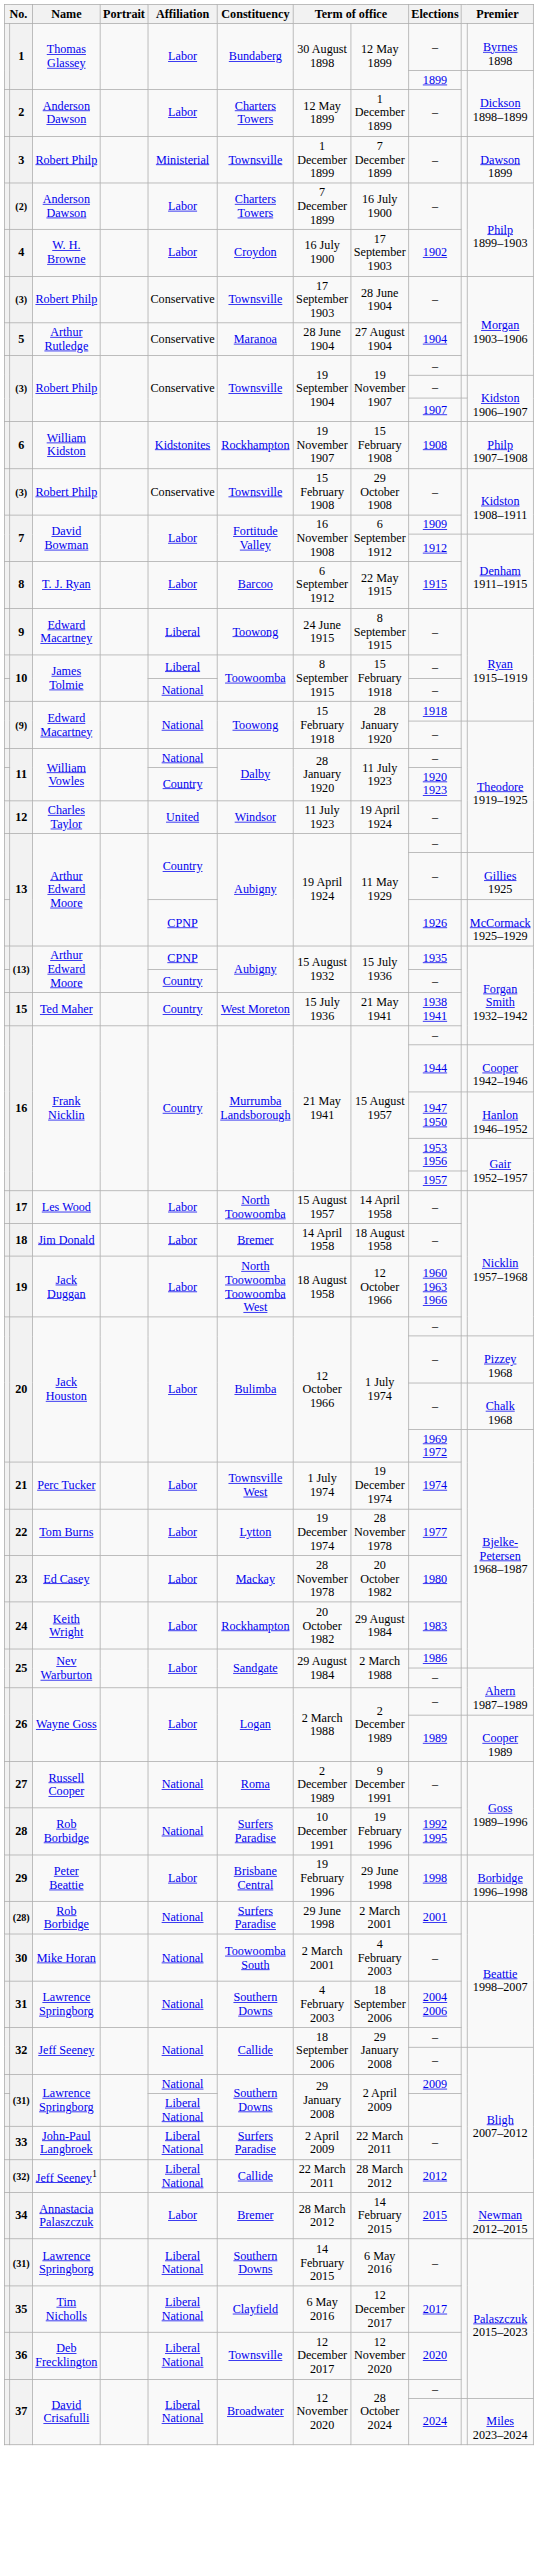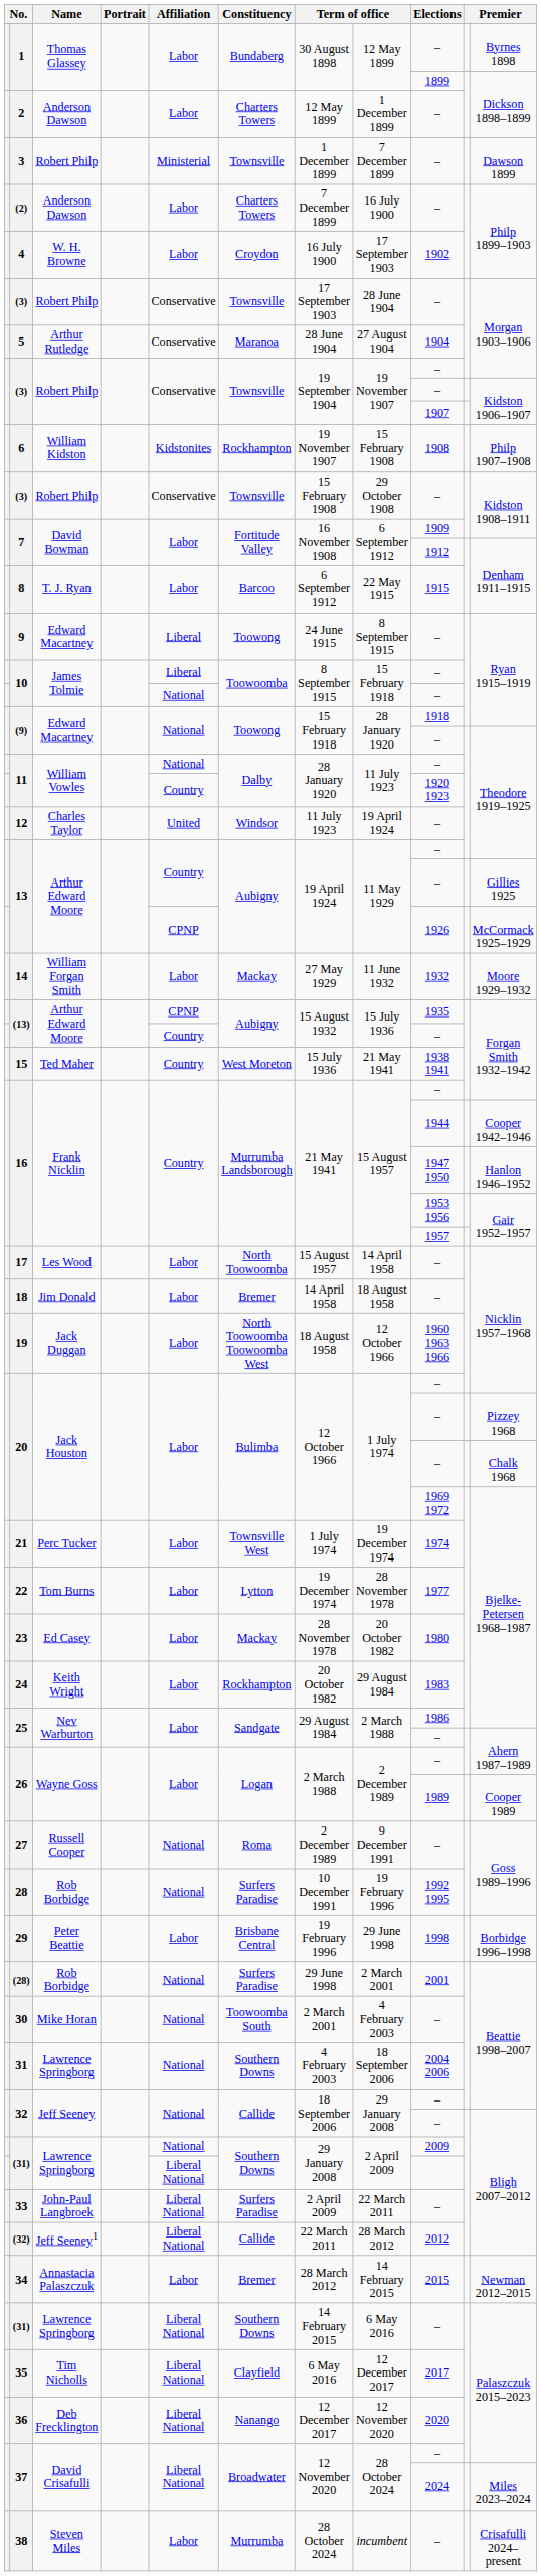 <table class="wikitable" style="text-align:center">
 <tr>
 <th colspan=2>No.</th>
 <th>Name</th>
 <th width=60>Portrait</th>
 <th>Affiliation</th>
 <th>Constituency</th>
 <th colspan=2>Term of office</th>
 <th>Elections</th>
 <th colspan=2>Premier</th>
 </tr>
 <tr>
 <th rowspan=2 ></th>
 <th rowspan=2>1</th>
 <td rowspan=2><a href='#'>Thomas Glassey</a></td>
 <td rowspan=2></td>
 <td rowspan=2><a href='#'>Labor</a></td>
 <td rowspan=2><a href='#'>Bundaberg</a></td>
 <td rowspan=2>30 August 1898</td>
 <td rowspan=2>12 May 1899</td>
 <td>–</td>
 <td></td>
 <td><br><a href='#'>Byrnes</a><br>1898</td>
 </tr>
 <tr>
 <td><a href='#'>1899</a></td>
 <td rowspan=2 ></td>
 <td rowspan=2><br><a href='#'>Dickson</a><br>1898–1899</td>
 </tr>
 <tr>
 <th></th>
 <th>2</th>
 <td><a href='#'>Anderson Dawson</a></td>
 <td></td>
 <td><a href='#'>Labor</a></td>
 <td><a href='#'>Charters Towers</a></td>
 <td>12 May 1899</td>
 <td>1 December 1899</td>
 <td>–</td>
 </tr>
 <tr>
 <th></th>
 <th>3</th>
 <td><a href='#'>Robert Philp</a></td>
 <td></td>
 <td><a href='#'>Ministerial</a></td>
 <td><a href='#'>Townsville</a></td>
 <td>1 December 1899</td>
 <td>7 December 1899</td>
 <td>–</td>
 <td></td>
 <td><br><a href='#'>Dawson</a><br>1899</td>
 </tr>
 <tr>
 <th></th>
 <th><small>(2)</small></th>
 <td><a href='#'>Anderson Dawson</a></td>
 <td></td>
 <td><a href='#'>Labor</a></td>
 <td><a href='#'>Charters Towers</a></td>
 <td>7 December 1899</td>
 <td>16 July 1900</td>
 <td>–</td>
 <td rowspan=2 ></td>
 <td rowspan=2><br><a href='#'>Philp</a><br>1899–1903</td>
 </tr>
 <tr>
 <th></th>
 <th>4</th>
 <td><a href='#'>W. H. Browne</a></td>
 <td></td>
 <td><a href='#'>Labor</a></td>
 <td><a href='#'>Croydon</a></td>
 <td>16 July 1900</td>
 <td>17 September 1903</td>
 <td><a href='#'>1902</a></td>
 </tr>
 <tr>
 <th style="background:"></th>
 <th><small>(3)</small></th>
 <td><a href='#'>Robert Philp</a></td>
 <td></td>
 <td>Conservative</td>
 <td><a href='#'>Townsville</a></td>
 <td>17 September 1903</td>
 <td>28 June 1904</td>
 <td>–</td>
 <td rowspan=3 ></td>
 <td rowspan=3><br><a href='#'>Morgan</a><br>1903–1906</td>
 </tr>
 <tr>
 <th style="background:"></th>
 <th>5</th>
 <td><a href='#'>Arthur Rutledge</a></td>
 <td></td>
 <td>Conservative</td>
 <td><a href='#'>Maranoa</a></td>
 <td>28 June 1904</td>
 <td>27 August 1904</td>
 <td><a href='#'>1904</a></td>
 </tr>
 <tr>
 <th rowspan=3 style="background:"></th>
 <th rowspan=3><small>(3)</small></th>
 <td rowspan=3><a href='#'>Robert Philp</a></td>
 <td rowspan=3></td>
 <td rowspan=3>Conservative</td>
 <td rowspan=3><a href='#'>Townsville</a></td>
 <td rowspan=3>19 September 1904</td>
 <td rowspan=3>19 November 1907</td>
 <td>–</td>
 </tr>
 <tr>
 <td>–</td>
 <td></td>
 <td rowspan=2><br><a href='#'>Kidston</a><br>1906–1907</td>
 </tr>
 <tr>
 <td><a href='#'>1907</a></td>
 <td></td>
 </tr>
 <tr>
 <th></th>
 <th>6</th>
 <td><a href='#'>William Kidston</a></td>
 <td></td>
 <td><a href='#'>Kidstonites</a></td>
 <td><a href='#'>Rockhampton</a></td>
 <td>19 November 1907</td>
 <td>15 February 1908</td>
 <td><a href='#'>1908</a></td>
 <td style="background:"></td>
 <td><br><a href='#'>Philp</a><br>1907–1908</td>
 </tr>
 <tr>
 <th style="background:"></th>
 <th><small>(3)</small></th>
 <td><a href='#'>Robert Philp</a></td>
 <td></td>
 <td>Conservative</td>
 <td><a href='#'>Townsville</a></td>
 <td>15 February 1908</td>
 <td>29 October 1908</td>
 <td>–</td>
 <td rowspan=2 ></td>
 <td rowspan=2><br><a href='#'>Kidston</a><br>1908–1911</td>
 </tr>
 <tr>
 <th rowspan=2 ></th>
 <th rowspan=2>7</th>
 <td rowspan=2><a href='#'>David Bowman</a></td>
 <td rowspan=2></td>
 <td rowspan=2><a href='#'>Labor</a></td>
 <td rowspan=2><a href='#'>Fortitude Valley</a></td>
 <td rowspan=2>16 November 1908</td>
 <td rowspan=2>6 September 1912</td>
 <td><a href='#'>1909</a></td>
 </tr>
 <tr>
 <td><a href='#'>1912</a></td>
 <td rowspan=2 ></td>
 <td rowspan=2><br><a href='#'>Denham</a><br>1911–1915</td>
 </tr>
 <tr>
 <th></th>
 <th>8</th>
 <td><a href='#'>T. J. Ryan</a></td>
 <td></td>
 <td><a href='#'>Labor</a></td>
 <td><a href='#'>Barcoo</a></td>
 <td>6 September 1912</td>
 <td>22 May 1915</td>
 <td><a href='#'>1915</a></td>
 </tr>
 <tr>
 <th></th>
 <th>9</th>
 <td><a href='#'>Edward Macartney</a></td>
 <td></td>
 <td><a href='#'>Liberal</a></td>
 <td><a href='#'>Toowong</a></td>
 <td>24 June 1915</td>
 <td>8 September 1915</td>
 <td>–</td>
 <td rowspan=4 ></td>
 <td rowspan=4><br><a href='#'>Ryan</a><br>1915–1919</td>
 </tr>
 <tr>
 <th></th>
 <th rowspan=2>10</th>
 <td rowspan=2><a href='#'>James Tolmie</a></td>
 <td rowspan=2></td>
 <td><a href='#'>Liberal</a></td>
 <td rowspan=2><a href='#'>Toowoomba</a></td>
 <td rowspan=2>8 September 1915</td>
 <td rowspan=2>15 February 1918</td>
 <td>–</td>
 </tr>
 <tr>
 <th></th>
 <td><a href='#'>National</a></td>
 <td>–</td>
 </tr>
 <tr>
 <th rowspan=2 ></th>
 <th rowspan=2><small>(9)</small></th>
 <td rowspan=2><a href='#'>Edward Macartney</a></td>
 <td rowspan=2></td>
 <td rowspan=2><a href='#'>National</a></td>
 <td rowspan=2><a href='#'>Toowong</a></td>
 <td rowspan=2>15 February 1918</td>
 <td rowspan=2>28 January 1920</td>
 <td><a href='#'>1918</a></td>
 </tr>
 <tr>
 <td>–</td>
 <td rowspan=5 ></td>
 <td rowspan=5><br><a href='#'>Theodore</a><br>1919–1925</td>
 </tr>
 <tr>
 <th></th>
 <th rowspan=2>11</th>
 <td rowspan=2><a href='#'>William Vowles</a></td>
 <td rowspan=2></td>
 <td><a href='#'>National</a></td>
 <td rowspan=2><a href='#'>Dalby</a></td>
 <td rowspan=2>28 January 1920</td>
 <td rowspan=2>11 July 1923</td>
 <td>–</td>
 </tr>
 <tr>
 <th></th>
 <td><a href='#'>Country</a></td>
 <td><a href='#'>1920</a><br><a href='#'>1923</a></td>
 </tr>
 <tr>
 <th></th>
 <th>12</th>
 <td><a href='#'>Charles Taylor</a></td>
 <td></td>
 <td><a href='#'>United</a></td>
 <td><a href='#'>Windsor</a></td>
 <td>11 July 1923</td>
 <td>19 April 1924</td>
 <td>–</td>
 </tr>
 <tr>
 <th rowspan=2 ></th>
 <th rowspan=3>13</th>
 <td rowspan=3><a href='#'>Arthur Edward Moore</a></td>
 <td rowspan=3></td>
 <td rowspan=2><a href='#'>Country</a></td>
 <td rowspan=3><a href='#'>Aubigny</a></td>
 <td rowspan=3>19 April 1924</td>
 <td rowspan=3>11 May 1929</td>
 <td>–</td>
 </tr>
 <tr>
 <td>–</td>
 <td></td>
 <td><br><a href='#'>Gillies</a><br>1925</td>
 </tr>
 <tr>
 <th></th>
 <td><a href='#'>CPNP</a></td>
 <td><a href='#'>1926</a></td>
 <td></td>
 <td><br><a href='#'>McCormack</a><br>1925–1929</td>
+</tr>
+<tr>
+<th></th>
+<th>14</th>
+<td><a href='#'>William Forgan Smith</a></td>
+<td></td>
+<td><a href='#'>Labor</a></td>
+<td><a href='#'>Mackay</a></td>
+<td>27 May 1929</td>
+<td>11 June 1932</td>
+<td><a href='#'>1932</a></td>
+<td></td>
+<td><br><a href='#'>Moore</a><br>1929–1932</td>
 </tr>
 <tr>
 <th></th>
 <th rowspan=2><small>(13)</small></th>
 <td rowspan=2><a href='#'>Arthur Edward Moore</a></td>
 <td rowspan=2></td>
 <td><a href='#'>CPNP</a></td>
 <td rowspan=2><a href='#'>Aubigny</a></td>
 <td rowspan=2>15 August 1932</td>
 <td rowspan=2>15 July 1936</td>
 <td><a href='#'>1935</a></td>
 <td rowspan=4 ></td>
 <td rowspan=4><br><a href='#'>Forgan Smith</a><br>1932–1942</td>
 </tr>
 <tr>
 <th></th>
 <td><a href='#'>Country</a></td>
 <td>–</td>
 </tr>
 <tr>
 <th></th>
 <th>15</th>
 <td><a href='#'>Ted Maher</a></td>
 <td></td>
 <td><a href='#'>Country</a></td>
 <td><a href='#'>West Moreton</a></td>
 <td>15 July 1936</td>
 <td>21 May 1941</td>
 <td><a href='#'>1938</a><br><a href='#'>1941</a></td>
 </tr>
 <tr>
 <th rowspan=5 ></th>
 <th rowspan=5>16</th>
 <td rowspan=5><a href='#'>Frank Nicklin</a></td>
 <td rowspan=5></td>
 <td rowspan=5><a href='#'>Country</a></td>
 <td rowspan=5><a href='#'>Murrumba</a><br><a href='#'>Landsborough</a></td>
 <td rowspan=5>21 May 1941</td>
 <td rowspan=5>15 August 1957</td>
 <td>–</td>
 </tr>
 <tr>
 <td><a href='#'>1944</a></td>
 <td></td>
 <td><br><a href='#'>Cooper</a><br>1942–1946</td>
 </tr>
 <tr>
 <td><a href='#'>1947</a><br><a href='#'>1950</a></td>
 <td></td>
 <td><br><a href='#'>Hanlon</a><br>1946–1952</td>
 </tr>
 <tr>
 <td><a href='#'>1953</a><br><a href='#'>1956</a></td>
 <td></td>
 <td rowspan=2><br><a href='#'>Gair</a><br>1952–1957</td>
 </tr>
 <tr>
 <td><a href='#'>1957</a></td>
 <td></td>
 </tr>
 <tr>
 <th></th>
 <th>17</th>
 <td><a href='#'>Les Wood</a></td>
 <td></td>
 <td><a href='#'>Labor</a></td>
 <td><a href='#'>North Toowoomba</a></td>
 <td>15 August 1957</td>
 <td>14 April 1958</td>
 <td>–</td>
 <td rowspan=4 ></td>
 <td rowspan=4><br><a href='#'>Nicklin</a><br>1957–1968</td>
 </tr>
 <tr>
 <th></th>
 <th>18</th>
 <td><a href='#'>Jim Donald</a></td>
 <td></td>
 <td><a href='#'>Labor</a></td>
 <td><a href='#'>Bremer</a></td>
 <td>14 April 1958</td>
 <td>18 August 1958</td>
 <td>–</td>
 </tr>
 <tr>
 <th></th>
 <th>19</th>
 <td><a href='#'>Jack Duggan</a></td>
 <td></td>
 <td><a href='#'>Labor</a></td>
 <td><a href='#'>North Toowoomba</a><br><a href='#'>Toowoomba West</a></td>
 <td>18 August 1958</td>
 <td>12 October 1966</td>
 <td><a href='#'>1960</a><br><a href='#'>1963</a><br><a href='#'>1966</a></td>
 </tr>
 <tr>
 <th rowspan=4 ></th>
 <th rowspan=4>20</th>
 <td rowspan=4><a href='#'>Jack Houston</a></td>
 <td rowspan=4></td>
 <td rowspan=4><a href='#'>Labor</a></td>
 <td rowspan=4><a href='#'>Bulimba</a></td>
 <td rowspan=4>12 October 1966</td>
 <td rowspan=4>1 July 1974</td>
 <td>–</td>
 </tr>
 <tr>
 <td>–</td>
 <td></td>
 <td><br><a href='#'>Pizzey</a><br>1968</td>
 </tr>
 <tr>
 <td>–</td>
 <td></td>
 <td><br><a href='#'>Chalk</a><br>1968</td>
 </tr>
 <tr>
 <td><a href='#'>1969</a><br><a href='#'>1972</a></td>
 <td rowspan=6 ></td>
 <td rowspan=6><br><a href='#'>Bjelke-Petersen</a><br>1968–1987</td>
 </tr>
 <tr>
 <th></th>
 <th>21</th>
 <td><a href='#'>Perc Tucker</a></td>
 <td></td>
 <td><a href='#'>Labor</a></td>
 <td><a href='#'>Townsville West</a></td>
 <td>1 July 1974</td>
 <td>19 December 1974</td>
 <td><a href='#'>1974</a></td>
 </tr>
 <tr>
 <th></th>
 <th>22</th>
 <td><a href='#'>Tom Burns</a></td>
 <td></td>
 <td><a href='#'>Labor</a></td>
 <td><a href='#'>Lytton</a></td>
 <td>19 December 1974</td>
 <td>28 November 1978</td>
 <td><a href='#'>1977</a></td>
 </tr>
 <tr>
 <th></th>
 <th>23</th>
 <td><a href='#'>Ed Casey</a></td>
 <td></td>
 <td><a href='#'>Labor</a></td>
 <td><a href='#'>Mackay</a></td>
 <td>28 November 1978</td>
 <td>20 October 1982</td>
 <td><a href='#'>1980</a></td>
 </tr>
 <tr>
 <th></th>
 <th>24</th>
 <td><a href='#'>Keith Wright</a></td>
 <td></td>
 <td><a href='#'>Labor</a></td>
 <td><a href='#'>Rockhampton</a></td>
 <td>20 October 1982</td>
 <td>29 August 1984</td>
 <td><a href='#'>1983</a></td>
 </tr>
 <tr>
 <th rowspan=2 ></th>
 <th rowspan=2>25</th>
 <td rowspan=2><a href='#'>Nev Warburton</a></td>
 <td rowspan=2></td>
 <td rowspan=2><a href='#'>Labor</a></td>
 <td rowspan=2><a href='#'>Sandgate</a></td>
 <td rowspan=2>29 August 1984</td>
 <td rowspan=2>2 March 1988</td>
 <td><a href='#'>1986</a></td>
 </tr>
 <tr>
 <td>–</td>
 <td rowspan=2 ></td>
 <td rowspan=2><br><a href='#'>Ahern</a><br>1987–1989</td>
 </tr>
 <tr>
 <th rowspan=2 ></th>
 <th rowspan=2>26</th>
 <td rowspan=2><a href='#'>Wayne Goss</a></td>
 <td rowspan=2></td>
 <td rowspan=2><a href='#'>Labor</a></td>
 <td rowspan=2><a href='#'>Logan</a></td>
 <td rowspan=2>2 March 1988</td>
 <td rowspan=2>2 December 1989</td>
 <td>–</td>
 </tr>
 <tr>
 <td><a href='#'>1989</a></td>
 <td></td>
 <td><br><a href='#'>Cooper</a><br>1989</td>
 </tr>
 <tr>
 <th></th>
 <th>27</th>
 <td><a href='#'>Russell Cooper</a></td>
 <td></td>
 <td><a href='#'>National</a></td>
 <td><a href='#'>Roma</a></td>
 <td>2 December 1989</td>
 <td>9 December 1991</td>
 <td>–</td>
 <td rowspan=2 ></td>
 <td rowspan=2><br><a href='#'>Goss</a><br>1989–1996</td>
 </tr>
 <tr>
 <th></th>
 <th>28</th>
 <td><a href='#'>Rob Borbidge</a></td>
 <td></td>
 <td><a href='#'>National</a></td>
 <td><a href='#'>Surfers Paradise</a></td>
 <td>10 December 1991</td>
 <td>19 February 1996</td>
 <td><a href='#'>1992</a><br><a href='#'>1995</a></td>
 </tr>
 <tr>
 <th></th>
 <th>29</th>
 <td><a href='#'>Peter Beattie</a></td>
 <td></td>
 <td><a href='#'>Labor</a></td>
 <td><a href='#'>Brisbane Central</a></td>
 <td>19 February 1996</td>
 <td>29 June 1998</td>
 <td><a href='#'>1998</a></td>
 <td></td>
 <td><br><a href='#'>Borbidge</a><br>1996–1998</td>
 </tr>
 <tr>
 <th></th>
 <th><small>(28)</small></th>
 <td><a href='#'>Rob Borbidge</a></td>
 <td></td>
 <td><a href='#'>National</a></td>
 <td><a href='#'>Surfers Paradise</a></td>
 <td>29 June 1998</td>
 <td>2 March 2001</td>
 <td><a href='#'>2001</a></td>
 <td rowspan=4 ></td>
 <td rowspan=4><br><a href='#'>Beattie</a><br>1998–2007</td>
 </tr>
 <tr>
 <th></th>
 <th>30</th>
 <td><a href='#'>Mike Horan</a></td>
 <td></td>
 <td><a href='#'>National</a></td>
 <td><a href='#'>Toowoomba South</a></td>
 <td>2 March 2001</td>
 <td>4 February 2003</td>
 <td>–</td>
 </tr>
 <tr>
 <th></th>
 <th>31</th>
 <td><a href='#'>Lawrence Springborg</a></td>
 <td></td>
 <td><a href='#'>National</a></td>
 <td><a href='#'>Southern Downs</a></td>
 <td>4 February 2003</td>
 <td>18 September 2006</td>
 <td><a href='#'>2004</a><br><a href='#'>2006</a></td>
 </tr>
 <tr>
 <th rowspan=2 ></th>
 <th rowspan=2>32</th>
 <td rowspan=2><a href='#'>Jeff Seeney</a></td>
 <td rowspan=2></td>
 <td rowspan=2><a href='#'>National</a></td>
 <td rowspan=2><a href='#'>Callide</a></td>
 <td rowspan=2>18 September 2006</td>
 <td rowspan=2>29 January 2008</td>
 <td>–</td>
 </tr>
 <tr>
 <td>–</td>
 <td rowspan=5 ></td>
 <td rowspan=5><br><a href='#'>Bligh</a><br>2007–2012</td>
 </tr>
 <tr>
 <th></th>
 <th rowspan=2><small>(31)</small></th>
 <td rowspan=2><a href='#'>Lawrence Springborg</a></td>
 <td rowspan=2></td>
 <td><a href='#'>National</a></td>
 <td rowspan=2><a href='#'>Southern Downs</a></td>
 <td rowspan=2>29 January 2008</td>
 <td rowspan=2>2 April 2009</td>
 <td><a href='#'>2009</a></td>
 </tr>
 <tr>
 <th></th>
 <td><a href='#'>Liberal National</a></td>
 </tr>
 <tr>
 <th></th>
 <th>33</th>
 <td><a href='#'>John-Paul Langbroek</a></td>
 <td></td>
 <td><a href='#'>Liberal National</a></td>
 <td><a href='#'>Surfers Paradise</a></td>
 <td>2 April 2009</td>
 <td>22 March 2011</td>
 <td>–</td>
 </tr>
 <tr>
 <th></th>
 <th><small>(32)</small></th>
 <td><a href='#'>Jeff Seeney</a><sup>1</sup></td>
 <td></td>
 <td><a href='#'>Liberal National</a></td>
 <td><a href='#'>Callide</a></td>
 <td>22 March 2011</td>
 <td>28 March 2012</td>
 <td><a href='#'>2012</a></td>
 </tr>
 <tr>
 <th></th>
 <th>34</th>
 <td><a href='#'>Annastacia Palaszczuk</a></td>
 <td></td>
 <td><a href='#'>Labor</a></td>
 <td><a href='#'>Bremer</a></td>
 <td>28 March 2012</td>
 <td>14 February 2015</td>
 <td><a href='#'>2015</a></td>
 <td></td>
 <td><br><a href='#'>Newman</a><br>2012–2015</td>
 </tr>
 <tr>
 <th></th>
 <th><small>(31)</small></th>
 <td><a href='#'>Lawrence Springborg</a></td>
 <td></td>
 <td><a href='#'>Liberal National</a></td>
 <td><a href='#'>Southern Downs</a></td>
 <td>14 February 2015</td>
 <td>6 May 2016</td>
 <td>–</td>
 <td rowspan=4 ></td>
 <td rowspan=4><br><a href='#'>Palaszczuk</a><br>2015–2023</td>
 </tr>
 <tr>
 <th></th>
 <th>35</th>
 <td><a href='#'>Tim Nicholls</a></td>
 <td></td>
 <td><a href='#'>Liberal National</a></td>
 <td><a href='#'>Clayfield</a></td>
 <td>6 May 2016</td>
 <td>12 December 2017</td>
 <td><a href='#'>2017</a></td>
 </tr>
 <tr>
 <th></th>
 <th>36</th>
 <td><a href='#'>Deb Frecklington</a></td>
 <td></td>
 <td><a href='#'>Liberal National</a></td>
-<td><a href='#'>Townsville</a></td>
+<td><a href='#'>Nanango</a></td>
 <td>12 December 2017</td>
 <td>12 November 2020</td>
 <td><a href='#'>2020</a></td>
 </tr>
 <tr>
 <th rowspan=2 ></th>
 <th rowspan=2>37</th>
 <td rowspan=2><a href='#'>David Crisafulli</a></td>
 <td rowspan=2></td>
 <td rowspan=2><a href='#'>Liberal National</a></td>
 <td rowspan=2><a href='#'>Broadwater</a></td>
 <td rowspan=2>12 November 2020</td>
 <td rowspan=2>28 October 2024</td>
 <td>–</td>
 </tr>
 <tr>
 <td><a href='#'>2024</a></td>
 <td></td>
 <td><br><a href='#'>Miles</a><br>2023–2024</td>
 </tr>
+<tr>
+<th></th>
+<th>38</th>
+<td><a href='#'>Steven Miles</a></td>
+<td></td>
+<td><a href='#'>Labor</a></td>
+<td><a href='#'>Murrumba</a></td>
+<td>28 October 2024</td>
+<td><em>incumbent</em></td>
+<td>–</td>
+<td></td>
+<td><br><a href='#'>Crisafulli</a><br>2024–present</td>
+</tr>
 </table>
